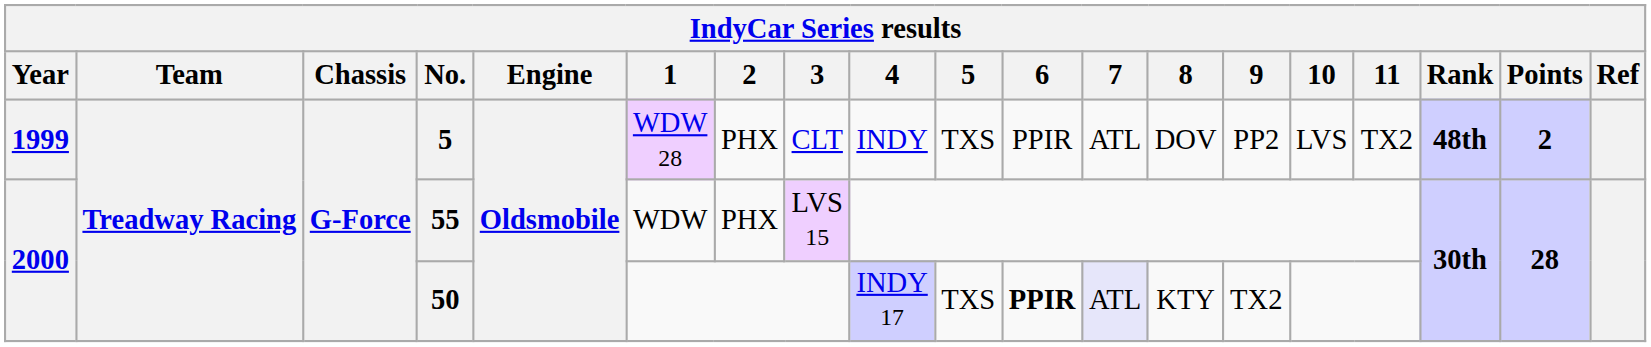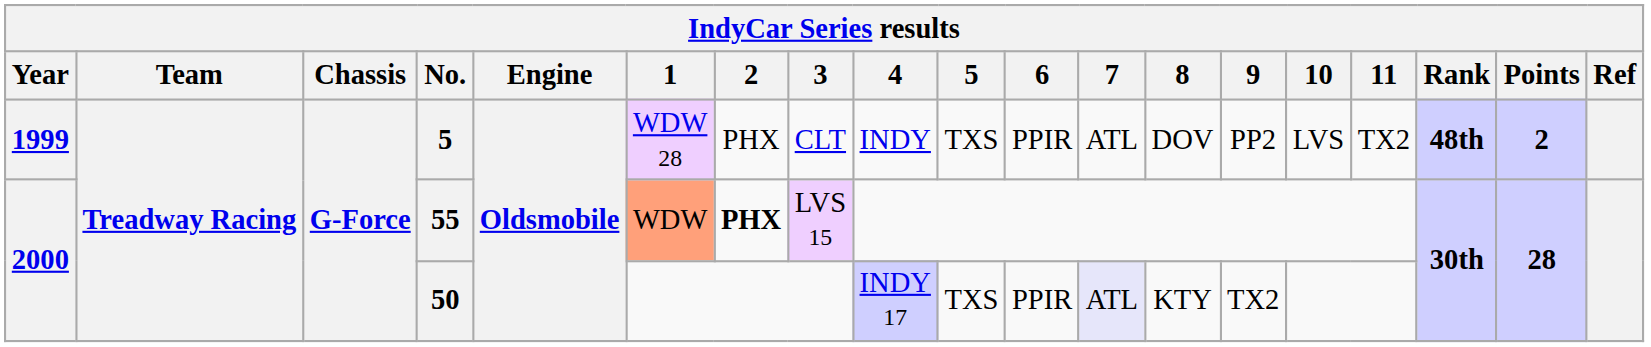 <table class="wikitable" style="text-align:center; font-size:85%">
 <tr>
 <th colspan=45><a href='#'>IndyCar Series</a> results</th>
 </tr>
 <tr>
 <th>Year</th>
 <th>Team</th>
 <th>Chassis</th>
 <th>No.</th>
 <th>Engine</th>
 <th>1</th>
 <th>2</th>
 <th>3</th>
 <th>4</th>
 <th>5</th>
 <th>6</th>
 <th>7</th>
 <th>8</th>
 <th>9</th>
 <th>10</th>
 <th>11</th>
 <th>Rank</th>
 <th>Points</th>
 <th>Ref</th>
 </tr>
 <tr>
 <th><a href='#'>1999</a></th>
 <th rowspan=3 nowrap><a href='#'>Treadway Racing</a></th>
 <th rowspan=3 nowrap><a href='#'>G-Force</a></th>
 <th>5</th>
 <th rowspan=3><a href='#'>Oldsmobile</a></th>
 <td style="background:#EFCFFF;"><a href='#'>WDW</a><br><small>28</small></td>
 <td>PHX</td>
 <td><a href='#'>CLT</a></td>
 <td><a href='#'>INDY</a></td>
 <td>TXS</td>
 <td>PPIR</td>
 <td>ATL</td>
 <td>DOV</td>
 <td>PP2</td>
 <td>LVS</td>
 <td>TX2</td>
 <th style="background:#CFCFFF;">48th</th>
 <th style="background:#CFCFFF;">2</th>
 <th></th>
 </tr>
 <tr>
 <th rowspan=2><a href='#'>2000</a></th>
 <th>55</th>
-<td>WDW</td>
-<td>PHX</td>
+<td style="background: lightsalmon;">WDW</td>
+<td><strong>PHX</strong></td>
 <td style="background:#EFCFFF;">LVS<br><small>15</small></td>
 <td colspan=8></td>
 <th rowspan=2 style="background:#CFCFFF;">30th</th>
 <th rowspan=2 style="background:#CFCFFF;">28</th>
 <th rowspan=2></th>
 </tr>
 <tr>
 <th>50</th>
 <td colspan=3></td>
 <td style="background:#CFCFFF;"><a href='#'>INDY</a><br><small>17<br></small></td>
 <td>TXS</td>
-<td><strong>PPIR</strong></td>
+<td>PPIR</td>
 <td style="background: lavender;">ATL</td>
 <td>KTY</td>
 <td>TX2</td>
 <td colspan=2></td>
 </tr>
 </table>
